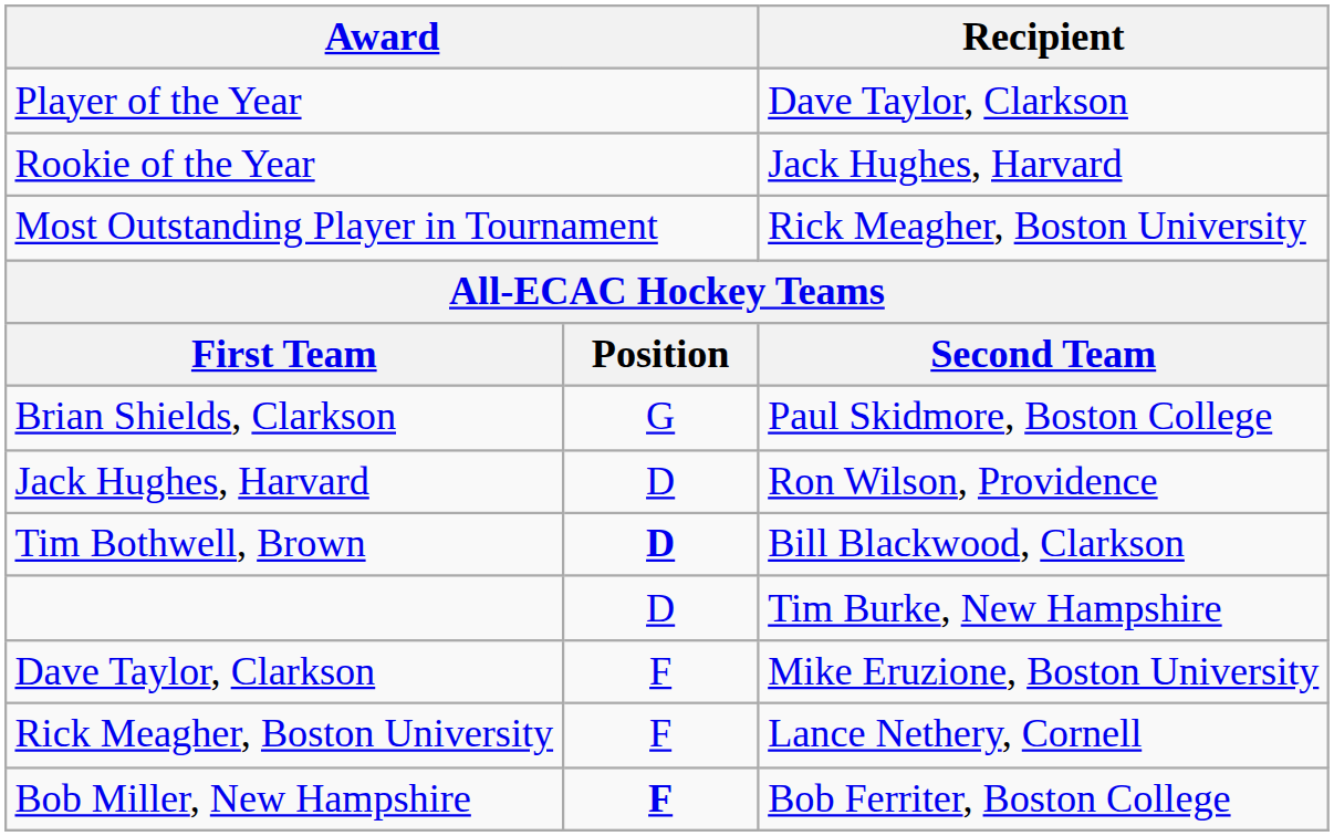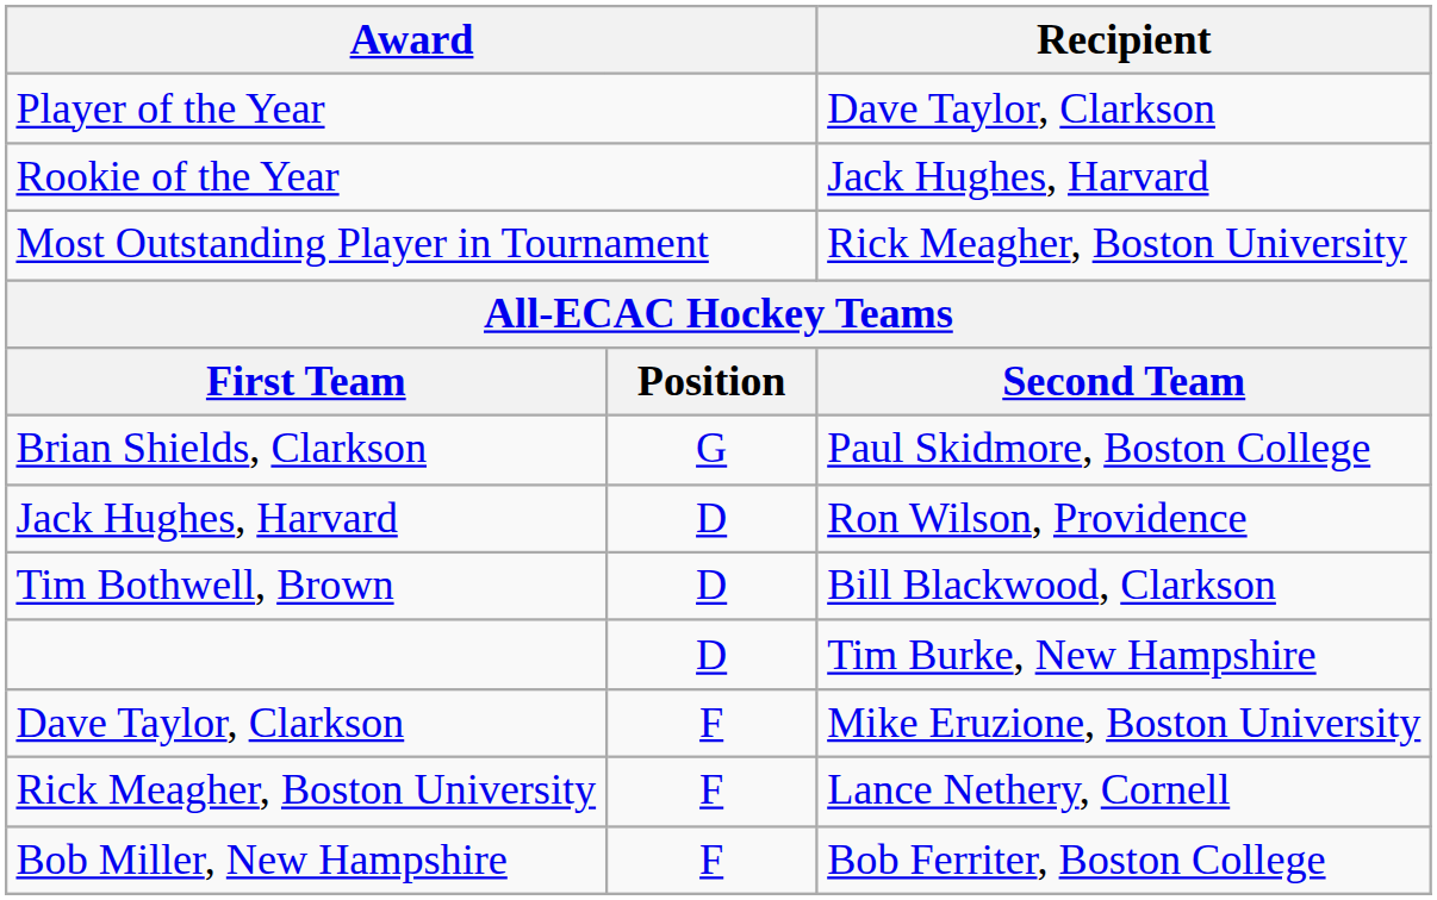 <table class="wikitable">
 <tr>
 <th colspan=2><a href='#'>Award</a></th>
 <th>Recipient</th>
 </tr>
 <tr>
 <td colspan=2><a href='#'>Player of the Year</a></td>
 <td><a href='#'>Dave Taylor</a>, <a href='#'>Clarkson</a></td>
 </tr>
 <tr>
 <td colspan=2><a href='#'>Rookie of the Year</a></td>
 <td><a href='#'>Jack Hughes</a>, <a href='#'>Harvard</a></td>
 </tr>
 <tr>
 <td colspan=2><a href='#'>Most Outstanding Player in Tournament</a></td>
 <td><a href='#'>Rick Meagher</a>, <a href='#'>Boston University</a></td>
 </tr>
 <tr>
 <th colspan=3><a href='#'>All-ECAC Hockey Teams</a></th>
 </tr>
 <tr>
 <th><a href='#'>First Team</a></th>
 <th>  Position  </th>
 <th><a href='#'>Second Team</a></th>
 </tr>
 <tr>
 <td><a href='#'>Brian Shields</a>, <a href='#'>Clarkson</a></td>
 <td align=center><a href='#'>G</a></td>
 <td><a href='#'>Paul Skidmore</a>, <a href='#'>Boston College</a></td>
 </tr>
 <tr>
 <td><a href='#'>Jack Hughes</a>, <a href='#'>Harvard</a></td>
 <td align=center><a href='#'>D</a></td>
 <td><a href='#'>Ron Wilson</a>, <a href='#'>Providence</a></td>
 </tr>
 <tr>
 <td><a href='#'>Tim Bothwell</a>, <a href='#'>Brown</a></td>
-<td align=center><strong><a href='#'>D</a></strong></td>
+<td align=center><a href='#'>D</a></td>
 <td><a href='#'>Bill Blackwood</a>, <a href='#'>Clarkson</a></td>
 </tr>
 <tr>
 <td></td>
 <td align=center><a href='#'>D</a></td>
 <td><a href='#'>Tim Burke</a>, <a href='#'>New Hampshire</a></td>
 </tr>
 <tr>
 <td><a href='#'>Dave Taylor</a>, <a href='#'>Clarkson</a></td>
 <td align=center><a href='#'>F</a></td>
 <td><a href='#'>Mike Eruzione</a>, <a href='#'>Boston University</a></td>
 </tr>
 <tr>
 <td><a href='#'>Rick Meagher</a>, <a href='#'>Boston University</a></td>
 <td align=center><a href='#'>F</a></td>
 <td><a href='#'>Lance Nethery</a>, <a href='#'>Cornell</a></td>
 </tr>
 <tr>
 <td><a href='#'>Bob Miller</a>, <a href='#'>New Hampshire</a></td>
-<td align=center><strong><a href='#'>F</a></strong></td>
+<td align=center><a href='#'>F</a></td>
 <td><a href='#'>Bob Ferriter</a>, <a href='#'>Boston College</a></td>
 </tr>
 <tr>
 </tr>
 </table>
